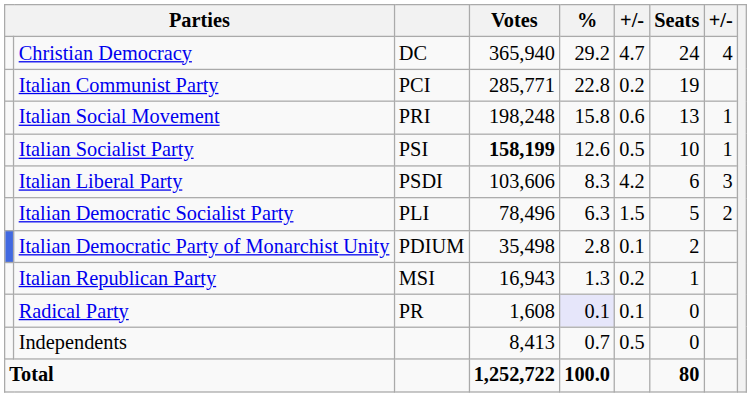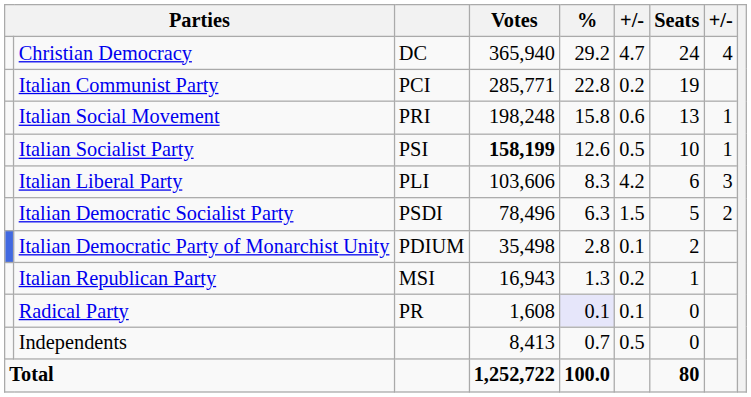 <table class="wikitable">
 <tr>
 <th colspan="2">Parties</th>
 <th></th>
 <th>Votes</th>
 <th>%</th>
 <th>+/-</th>
 <th>Seats</th>
 <th>+/-</th>
 <th rowspan="13"></th>
 </tr>
 <tr>
 <td style="background-color:"></td>
 <td><a href='#'>Christian Democracy</a></td>
 <td>DC</td>
 <td align=right>365,940</td>
 <td align=right>29.2</td>
 <td align=right> 4.7</td>
 <td align=right>24</td>
 <td align=right> 4</td>
 </tr>
 <tr>
 <td style="background-color:"></td>
 <td><a href='#'>Italian Communist Party</a></td>
 <td>PCI</td>
 <td align=right>285,771</td>
 <td align=right>22.8</td>
 <td align=right> 0.2</td>
 <td align=right>19</td>
 <td align=right></td>
 </tr>
 <tr>
 <td style="background-color:"></td>
 <td><a href='#'>Italian Social Movement</a></td>
 <td>PRI</td>
 <td align=right>198,248</td>
 <td align=right>15.8</td>
 <td align=right> 0.6</td>
 <td align=right>13</td>
 <td align=right> 1</td>
 </tr>
 <tr>
 <td style="background-color:"></td>
 <td><a href='#'>Italian Socialist Party</a></td>
 <td>PSI</td>
 <td align=right><strong>158,199</strong></td>
 <td align=right>12.6</td>
 <td align=right> 0.5</td>
 <td align=right>10</td>
 <td align=right> 1</td>
 </tr>
 <tr>
 <td style="background-color:"></td>
 <td><a href='#'>Italian Liberal Party</a></td>
-<td>PSDI</td>
+<td>PLI</td>
 <td align=right>103,606</td>
 <td align=right>8.3</td>
 <td align=right> 4.2</td>
 <td align=right>6</td>
 <td align=right> 3</td>
 </tr>
 <tr>
 <td style="background-color:"></td>
 <td><a href='#'>Italian Democratic Socialist Party</a></td>
-<td>PLI</td>
+<td>PSDI</td>
 <td align=right>78,496</td>
 <td align=right>6.3</td>
 <td align=right> 1.5</td>
 <td align=right>5</td>
 <td align=right> 2</td>
 </tr>
 <tr>
 <td style="background-color:royalblue"></td>
 <td><a href='#'>Italian Democratic Party of Monarchist Unity</a></td>
 <td>PDIUM</td>
 <td align=right>35,498</td>
 <td align=right>2.8</td>
 <td align=right> 0.1</td>
 <td align=right>2</td>
 <td align=right></td>
 </tr>
 <tr>
 <td style="background-color:"></td>
 <td><a href='#'>Italian Republican Party</a></td>
 <td>MSI</td>
 <td align=right>16,943</td>
 <td align=right>1.3</td>
 <td align=right> 0.2</td>
 <td align=right>1</td>
 <td align=right></td>
 </tr>
 <tr>
 <td style="background-color:"></td>
 <td><a href='#'>Radical Party</a></td>
 <td>PR</td>
 <td align=right>1,608</td>
 <td align=right style="background: lavender;">0.1</td>
 <td align=right> 0.1</td>
 <td align=right>0</td>
 <td align=right></td>
 </tr>
 <tr>
 <td style="background-color:"></td>
 <td>Independents</td>
 <td></td>
 <td align=right>8,413</td>
 <td align=right>0.7</td>
 <td align=right> 0.5</td>
 <td align=right>0</td>
 <td align=right></td>
 </tr>
 <tr>
 <td colspan="2"><strong>Total</strong></td>
 <td></td>
 <td align=right><strong>1,252,722</strong></td>
 <td align=right><strong>100.0</strong></td>
 <td></td>
 <td align=right><strong>80</strong></td>
 <td></td>
 </tr>
 </table>
